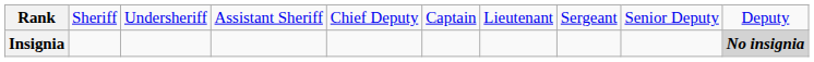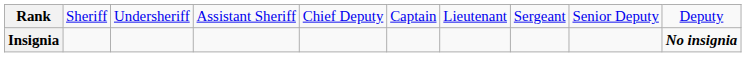 <table class="wikitable">
 <tr style="text-align:center;">
 <th>Rank</th>
 <td><a href='#'>Sheriff</a></td>
 <td><a href='#'>Undersheriff</a></td>
 <td><a href='#'>Assistant Sheriff</a></td>
 <td><a href='#'>Chief Deputy</a></td>
 <td><a href='#'>Captain</a></td>
 <td><a href='#'>Lieutenant</a></td>
 <td><a href='#'>Sergeant</a></td>
 <td><a href='#'>Senior Deputy</a></td>
 <td><a href='#'>Deputy</a></td>
 </tr>
 <tr style="text-align:center;">
 <th>Insignia</th>
 <td></td>
 <td></td>
 <td></td>
 <td></td>
 <td></td>
 <td></td>
 <td></td>
 <td></td>
-<td style="background: lightgrey;"><strong><em>No insignia</em></strong></td>
+<td><strong><em>No insignia</em></strong></td>
 </tr>
 </table>
